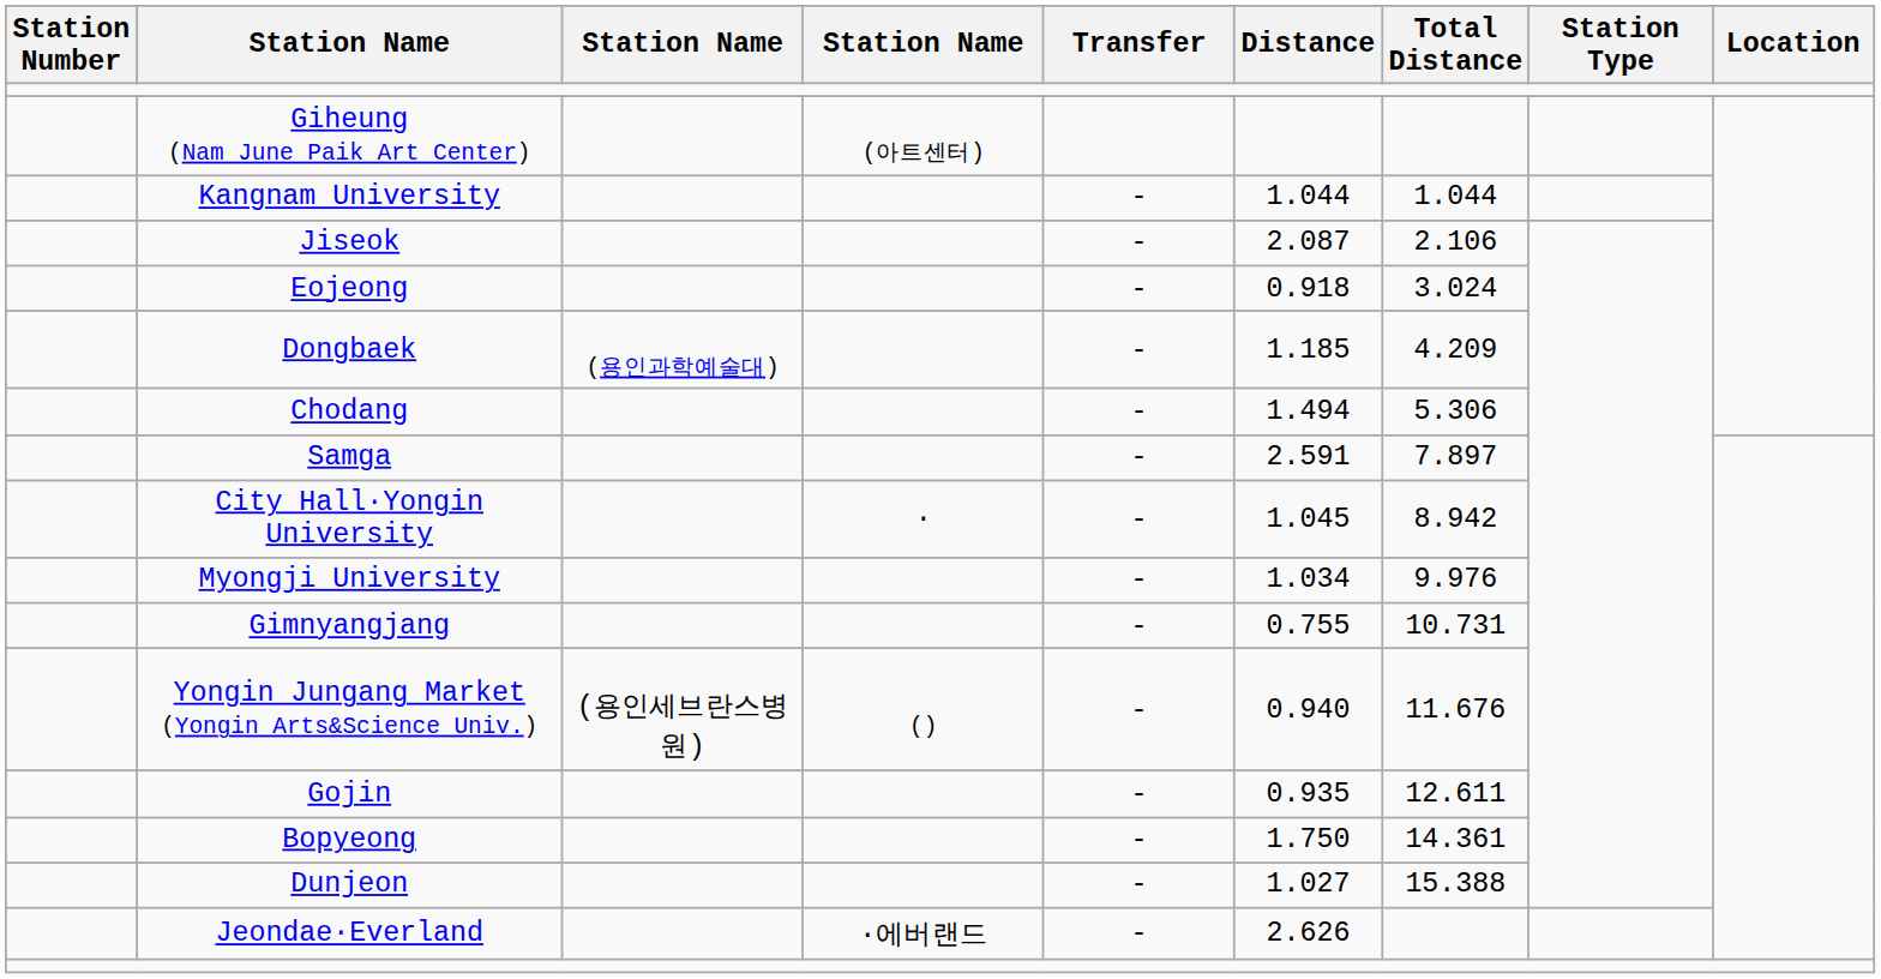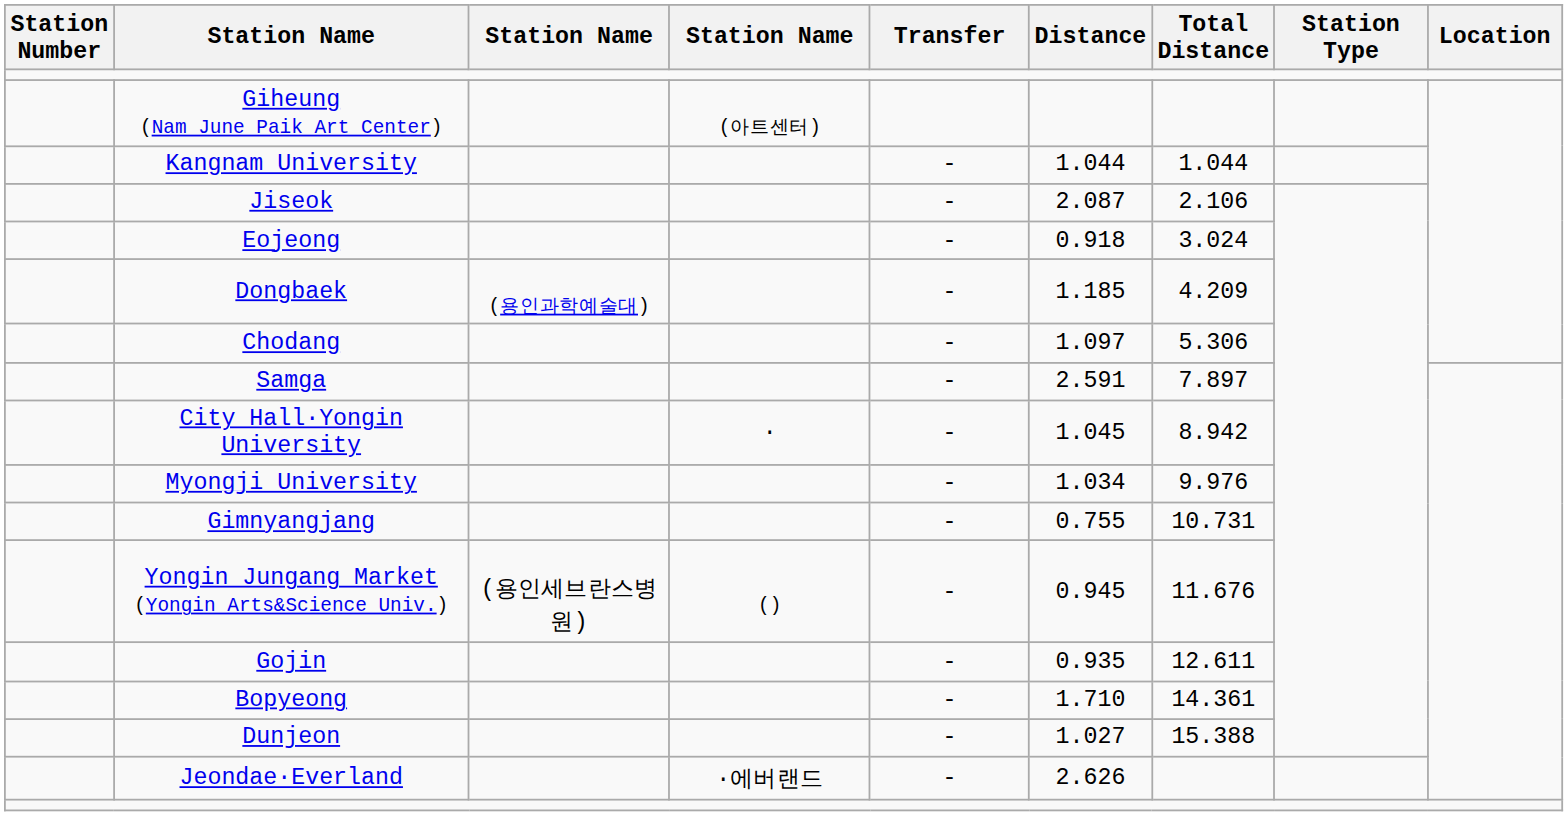 <table class="wikitable" style="text-align:center">
 <tr>
 <th>Station<br>Number</th>
 <th width="250pt">Station Name<br></th>
 <th width="150pt">Station Name<br></th>
 <th width="150pt">Station Name<br></th>
 <th width="100pt">Transfer</th>
 <th>Distance<br></th>
 <th>Total<br>Distance</th>
 <th width="100pt">Station Type</th>
 <th>Location</th>
 </tr>
 <tr style="background:#">
 <td colspan="12"></td>
 </tr>
 <tr>
 <td></td>
 <td><a href='#'>Giheung</a> <br><small>(<a href='#'>Nam June Paik Art Center</a>)</small></td>
 <td> <br><small></small></td>
 <td> <br><small>(아트센터)</small></td>
 <td></td>
 <td></td>
 <td></td>
 <td></td>
 <td rowspan="6" width="75pt"></td>
 </tr>
 <tr>
 <td></td>
 <td><a href='#'>Kangnam University</a></td>
 <td></td>
 <td></td>
 <td>-</td>
 <td>1.044</td>
 <td>1.044</td>
 <td></td>
 </tr>
 <tr>
 <td></td>
 <td><a href='#'>Jiseok</a></td>
 <td></td>
 <td></td>
 <td>-</td>
 <td>2.087</td>
 <td>2.106</td>
 <td rowspan="12"></td>
 </tr>
 <tr>
 <td></td>
 <td><a href='#'>Eojeong</a></td>
 <td></td>
 <td></td>
 <td>-</td>
 <td>0.918</td>
 <td>3.024</td>
 </tr>
 <tr>
 <td></td>
 <td><a href='#'>Dongbaek</a></td>
 <td> <br><small>(<a href='#'>용인과학예술대</a>)</small></td>
 <td></td>
 <td>-</td>
 <td>1.185</td>
 <td>4.209</td>
 </tr>
 <tr>
 <td></td>
 <td><a href='#'>Chodang</a></td>
 <td></td>
 <td></td>
 <td>-</td>
-<td>1.494</td>
+<td>1.097</td>
 <td>5.306</td>
 </tr>
 <tr>
 <td></td>
 <td><a href='#'>Samga</a></td>
 <td></td>
 <td></td>
 <td>-</td>
 <td>2.591</td>
 <td>7.897</td>
 <td rowspan="9" width="75pt"></td>
 </tr>
 <tr>
 <td></td>
 <td><a href='#'>City Hall·Yongin University</a></td>
 <td></td>
 <td>·</td>
 <td>-</td>
 <td>1.045</td>
 <td>8.942</td>
 </tr>
 <tr>
 <td></td>
 <td><a href='#'>Myongji University</a></td>
 <td></td>
 <td></td>
 <td>-</td>
 <td>1.034</td>
 <td>9.976</td>
 </tr>
 <tr>
 <td></td>
 <td><a href='#'>Gimnyangjang</a></td>
 <td></td>
 <td></td>
 <td>-</td>
 <td>0.755</td>
 <td>10.731</td>
 </tr>
 <tr>
 <td></td>
 <td><a href='#'>Yongin Jungang Market</a> <br><small>(<a href='#'>Yongin Arts&Science Univ.</a>)</small></td>
 <td><br>(용인세브란스병원)</td>
 <td> <br><small>()</small></td>
 <td>-</td>
-<td>0.940</td>
+<td>0.945</td>
 <td>11.676</td>
 </tr>
 <tr>
 <td></td>
 <td><a href='#'>Gojin</a></td>
 <td></td>
 <td></td>
 <td>-</td>
 <td>0.935</td>
 <td>12.611</td>
 </tr>
 <tr>
 <td></td>
 <td><a href='#'>Bopyeong</a></td>
 <td></td>
 <td></td>
 <td>-</td>
-<td>1.750</td>
+<td>1.710</td>
 <td>14.361</td>
 </tr>
 <tr>
 <td></td>
 <td><a href='#'>Dunjeon</a></td>
 <td></td>
 <td></td>
 <td>-</td>
 <td>1.027</td>
 <td>15.388</td>
 </tr>
 <tr>
 <td></td>
 <td><a href='#'>Jeondae·Everland</a></td>
 <td></td>
 <td>·에버랜드</td>
 <td>-</td>
 <td>2.626</td>
 <td></td>
 <td></td>
 </tr>
 <tr style="background:#">
 <td colspan="12"></td>
 </tr>
 </table>
